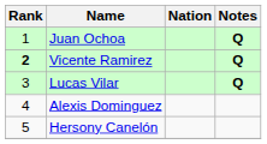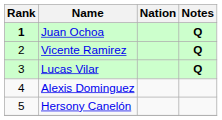 <table class="wikitable" style="text-align:center">
 <tr>
 <th>Rank</th>
 <th>Name</th>
 <th>Nation</th>
 <th>Notes</th>
 </tr>
 <tr bgcolor=ccffcc>
-<td>1</td>
+<td><strong>1</strong></td>
 <td align=left><a href='#'>Juan Ochoa</a></td>
 <td align=left></td>
 <td><strong>Q</strong></td>
 </tr>
 <tr bgcolor=ccffcc>
-<td><strong>2</strong></td>
+<td>2</td>
 <td align=left><a href='#'>Vicente Ramirez</a></td>
 <td align=left></td>
 <td><strong>Q</strong></td>
 </tr>
 <tr bgcolor=ccffcc>
 <td>3</td>
 <td align=left><a href='#'>Lucas Vilar</a></td>
 <td align=left></td>
 <td><strong>Q</strong></td>
 </tr>
 <tr>
 <td>4</td>
 <td align=left><a href='#'>Alexis Dominguez</a></td>
 <td align=left></td>
 <td></td>
 </tr>
 <tr>
 <td>5</td>
 <td align=left><a href='#'>Hersony Canelón</a></td>
 <td align=left></td>
 <td></td>
 </tr>
 <tr>
 </tr>
 </table>
